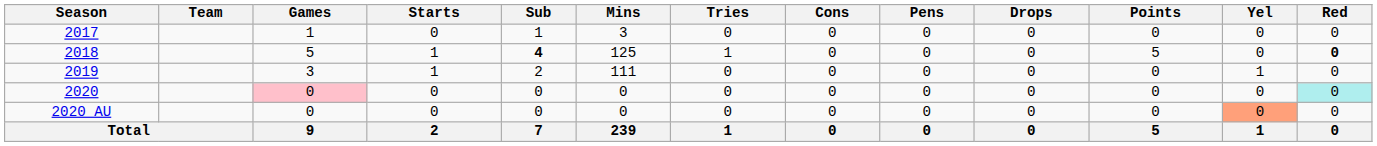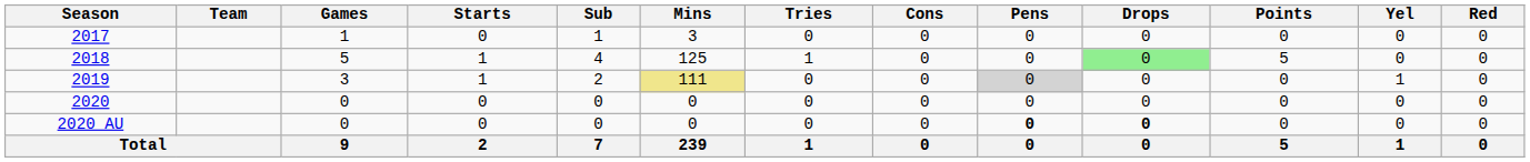 <table class="wikitable" style="text-align:center; line-height:90%; font-size:95%; width:60%;">
 <tr>
 <th>Season</th>
 <th>Team</th>
 <th>Games</th>
 <th>Starts</th>
 <th>Sub</th>
 <th>Mins</th>
 <th>Tries</th>
 <th>Cons</th>
 <th>Pens</th>
 <th>Drops</th>
 <th>Points</th>
 <th>Yel</th>
 <th>Red</th>
 </tr>
 <tr>
 <td><a href='#'>2017</a></td>
 <td></td>
 <td>1</td>
 <td>0</td>
 <td>1</td>
 <td>3</td>
 <td>0</td>
 <td>0</td>
 <td>0</td>
 <td>0</td>
 <td>0</td>
 <td>0</td>
 <td>0</td>
 </tr>
 <tr>
 <td><a href='#'>2018</a></td>
 <td></td>
 <td>5</td>
 <td>1</td>
-<td><strong>4</strong></td>
+<td>4</td>
 <td>125</td>
 <td>1</td>
 <td>0</td>
 <td>0</td>
-<td>0</td>
+<td style="background: lightgreen;">0</td>
 <td>5</td>
 <td>0</td>
-<td><strong>0</strong></td>
+<td>0</td>
 </tr>
 <tr>
 <td><a href='#'>2019</a></td>
 <td></td>
 <td>3</td>
 <td>1</td>
 <td>2</td>
-<td>111</td>
+<td style="background: khaki;">111</td>
 <td>0</td>
 <td>0</td>
-<td>0</td>
+<td style="background: lightgrey;">0</td>
 <td>0</td>
 <td>0</td>
 <td>1</td>
 <td>0</td>
 </tr>
 <tr>
 <td><a href='#'>2020</a></td>
 <td></td>
-<td style="background: pink;">0</td>
 <td>0</td>
 <td>0</td>
 <td>0</td>
 <td>0</td>
 <td>0</td>
 <td>0</td>
 <td>0</td>
 <td>0</td>
 <td>0</td>
-<td style="background: paleturquoise;">0</td>
+<td>0</td>
+<td>0</td>
 </tr>
 <tr>
 <td><a href='#'>2020 AU</a></td>
 <td></td>
 <td>0</td>
 <td>0</td>
 <td>0</td>
 <td>0</td>
 <td>0</td>
 <td>0</td>
+<td><strong>0</strong></td>
+<td><strong>0</strong></td>
 <td>0</td>
 <td>0</td>
-<td>0</td>
-<td style="background: lightsalmon;">0</td>
 <td>0</td>
 </tr>
 <tr>
 <th colspan="2">Total</th>
 <th>9</th>
 <th>2</th>
 <th>7</th>
 <th>239</th>
 <th>1</th>
 <th>0</th>
 <th>0</th>
 <th>0</th>
 <th>5</th>
 <th>1</th>
 <th>0</th>
 </tr>
 </table>
